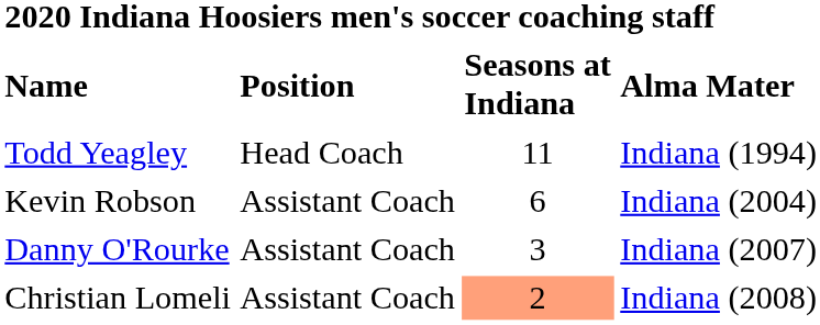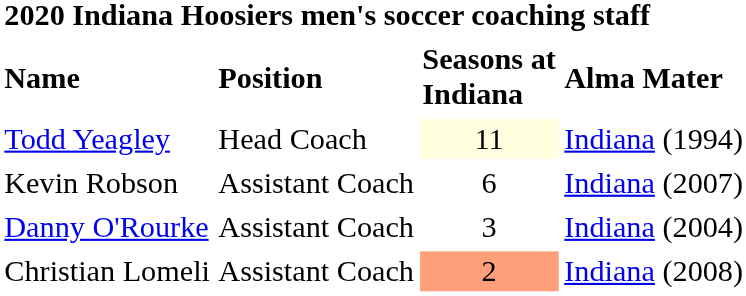 <table class="toccolours" style="text-align: left; font-size:90%;">
 <tr>
 <th colspan="4">2020 Indiana Hoosiers men's soccer coaching staff</th>
 </tr>
 <tr>
 <th>Name</th>
 <th>Position</th>
 <th>Seasons at<br>Indiana</th>
 <th>Alma Mater</th>
 </tr>
 <tr>
 <td><a href='#'>Todd Yeagley</a></td>
 <td>Head Coach</td>
-<td align=center>11</td>
+<td align=center style="background: lightyellow;">11</td>
 <td><a href='#'>Indiana</a> (1994)</td>
 </tr>
 <tr>
 <td>Kevin Robson</td>
 <td>Assistant Coach</td>
 <td align=center>6</td>
-<td><a href='#'>Indiana</a> (2004)</td>
+<td><a href='#'>Indiana</a> (2007)</td>
 </tr>
 <tr>
 <td><a href='#'>Danny O'Rourke</a></td>
 <td>Assistant Coach</td>
 <td align=center>3</td>
-<td><a href='#'>Indiana</a> (2007)</td>
+<td><a href='#'>Indiana</a> (2004)</td>
 </tr>
 <tr>
 <td>Christian Lomeli</td>
 <td>Assistant Coach</td>
 <td align=center style="background: lightsalmon;">2</td>
 <td><a href='#'>Indiana</a> (2008)</td>
 </tr>
 </table>
